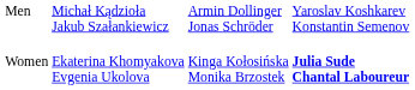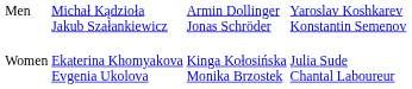 <table>
 <tr>
 <td>Men<br></td>
 <td><br><a href='#'>Michał Kądzioła</a><br><a href='#'>Jakub Szałankiewicz</a></td>
 <td><br><a href='#'>Armin Dollinger</a><br><a href='#'>Jonas Schröder</a></td>
 <td><br><a href='#'>Yaroslav Koshkarev</a><br><a href='#'>Konstantin Semenov</a></td>
 </tr>
 <tr>
 <td>Women<br></td>
 <td><br><a href='#'>Ekaterina Khomyakova</a><br><a href='#'>Evgenia Ukolova</a></td>
 <td><br><a href='#'>Kinga Kołosińska</a><br><a href='#'>Monika Brzostek</a></td>
-<td><strong><br><a href='#'>Julia Sude</a><br><a href='#'>Chantal Laboureur</a></strong></td>
+<td><br><a href='#'>Julia Sude</a><br><a href='#'>Chantal Laboureur</a></td>
 </tr>
 </table>
